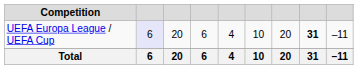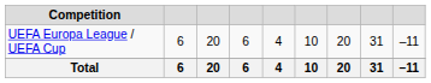 <table class="wikitable" style="text-align: center;">
 <tr>
 <th width="199" style="background:#DCDCDC">Competition</th>
 <th width="35" style="background:#DCDCDC"></th>
 <th width="35" style="background:#DCDCDC"></th>
 <th width="35" style="background:#DCDCDC"></th>
 <th width="35" style="background:#DCDCDC"></th>
 <th width="35" style="background:#DCDCDC"></th>
 <th width="35" style="background:#DCDCDC"></th>
 <th width="35" style="background:#DCDCDC"></th>
 <th width="35" style="background:#DCDCDC"></th>
 </tr>
 <tr>
 <td align=left><a href='#'>UEFA Europa League</a> / <a href='#'>UEFA Cup</a></td>
-<td style="background: lavender;">6</td>
+<td>6</td>
 <td>20</td>
 <td>6</td>
 <td>4</td>
 <td>10</td>
 <td>20</td>
-<td><strong>31</strong></td>
+<td>31</td>
 <td>–11</td>
 </tr>
 <tr>
 </tr>
 <tr class="sortbottom">
 <th>Total</th>
 <th>6</th>
 <th>20</th>
 <th>6</th>
 <th>4</th>
 <th>10</th>
 <th>20</th>
 <th>31</th>
 <th>–11</th>
 </tr>
 </table>
